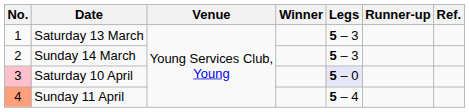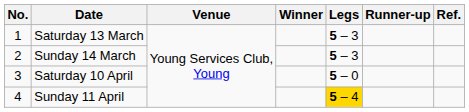 <table class="wikitable">
 <tr>
 <th>No.</th>
 <th>Date</th>
 <th>Venue</th>
 <th>Winner</th>
 <th>Legs</th>
 <th>Runner-up</th>
 <th>Ref.</th>
 </tr>
 <tr>
 <td align=center>1</td>
 <td align=left>Saturday 13 March</td>
 <td align="center" rowspan="4">Young Services Club,<br>  <a href='#'>Young</a></td>
 <td align="right"></td>
 <td align="center"><strong>5</strong> – 3</td>
 <td></td>
 <td align="center"></td>
 </tr>
 <tr>
 <td align=center>2</td>
 <td align=left>Sunday 14 March</td>
 <td align="right"></td>
 <td align="center"><strong>5</strong> – 3</td>
 <td></td>
 <td align="center"></td>
 </tr>
 <tr>
-<td align=center style="background: pink;">3</td>
+<td align=center>3</td>
 <td align=left>Saturday 10 April</td>
 <td align="right"></td>
-<td align="center" style="background: lavender;"><strong>5</strong> – 0</td>
+<td align="center"><strong>5</strong> – 0</td>
 <td></td>
 <td align="center"></td>
 </tr>
 <tr>
-<td align=center style="background: lightsalmon;">4</td>
+<td align=center>4</td>
 <td align=left>Sunday 11 April</td>
 <td align="right"></td>
-<td align="center"><strong>5</strong> – 4</td>
+<td align="center" style="background: gold;"><strong>5</strong> – 4</td>
 <td></td>
 <td align="center"></td>
 </tr>
 </table>
